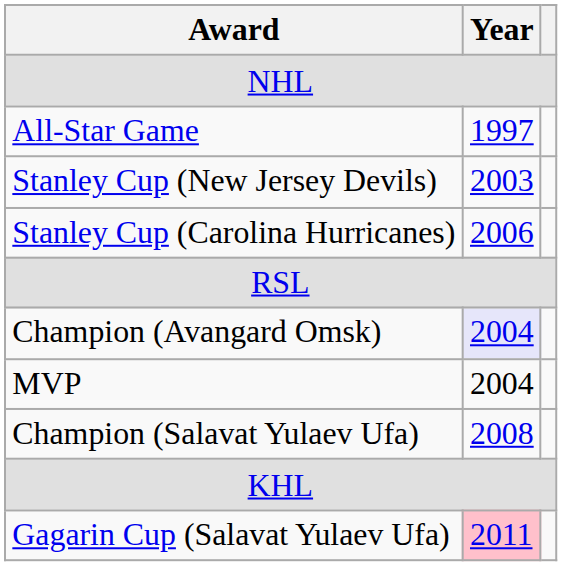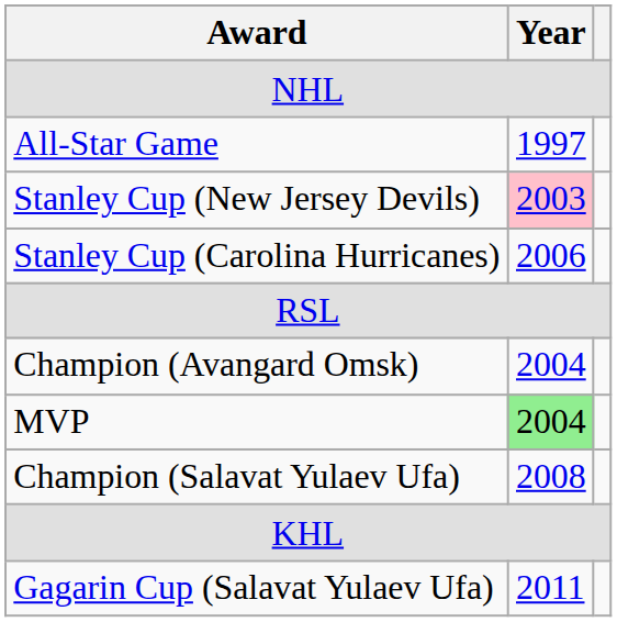 <table class="wikitable">
 <tr>
 <th>Award</th>
 <th>Year</th>
 <th></th>
 </tr>
 <tr ALIGN="center" bgcolor="#e0e0e0">
 <td colspan="3"><a href='#'>NHL</a></td>
 </tr>
 <tr>
 <td><a href='#'>All-Star Game</a></td>
 <td><a href='#'>1997</a></td>
 <td></td>
 </tr>
 <tr>
 <td><a href='#'>Stanley Cup</a> (New Jersey Devils)</td>
-<td><a href='#'>2003</a></td>
+<td style="background: pink;"><a href='#'>2003</a></td>
 <td></td>
 </tr>
 <tr>
 <td><a href='#'>Stanley Cup</a> (Carolina Hurricanes)</td>
 <td><a href='#'>2006</a></td>
 <td></td>
 </tr>
 <tr ALIGN="center" bgcolor="#e0e0e0">
 <td colspan="3"><a href='#'>RSL</a></td>
 </tr>
 <tr>
 <td>Champion (Avangard Omsk)</td>
-<td style="background: lavender;"><a href='#'>2004</a></td>
+<td><a href='#'>2004</a></td>
 <td></td>
 </tr>
 <tr>
 <td>MVP</td>
-<td>2004</td>
+<td style="background: lightgreen;">2004</td>
 <td></td>
 </tr>
 <tr>
 <td>Champion (Salavat Yulaev Ufa)</td>
 <td><a href='#'>2008</a></td>
 <td></td>
 </tr>
 <tr ALIGN="center" bgcolor="#e0e0e0">
 <td colspan="3"><a href='#'>KHL</a></td>
 </tr>
 <tr>
 <td><a href='#'>Gagarin Cup</a> (Salavat Yulaev Ufa)</td>
-<td style="background: pink;"><a href='#'>2011</a></td>
+<td><a href='#'>2011</a></td>
 <td></td>
 </tr>
 </table>
